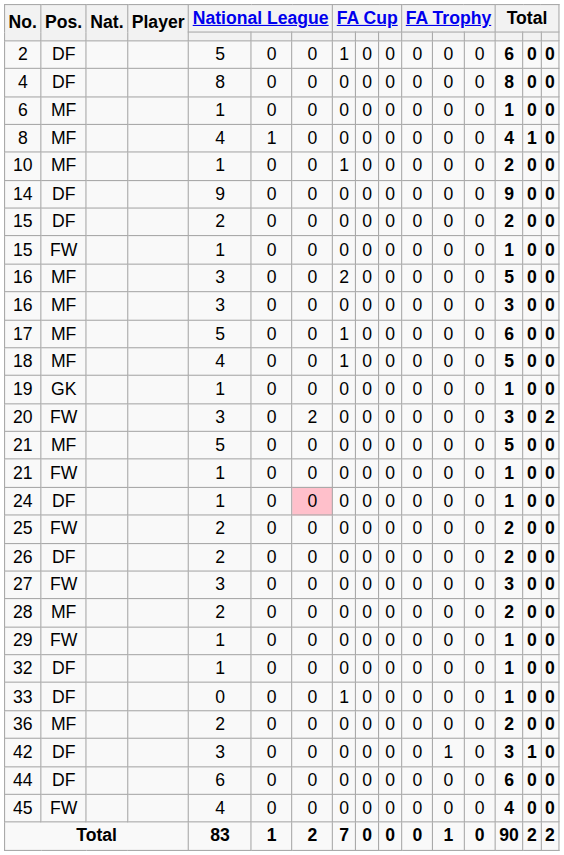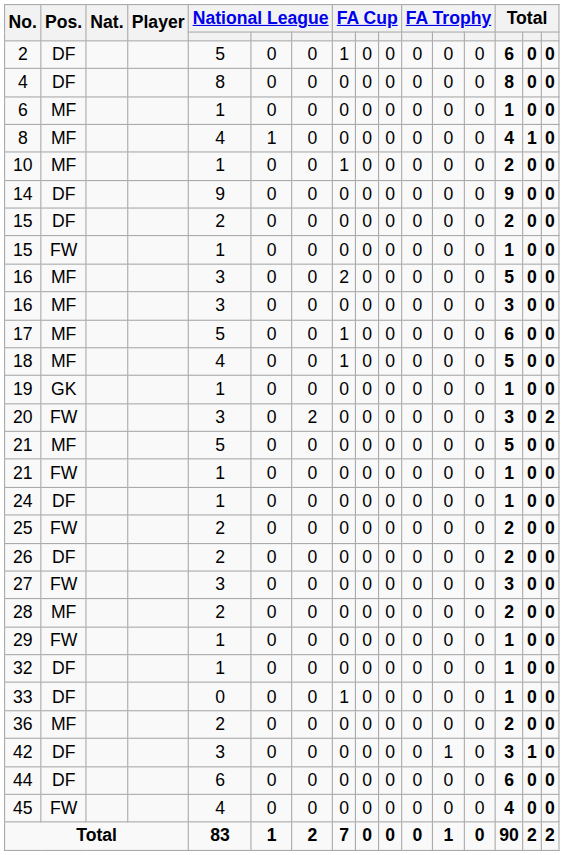 <table class="wikitable sortable" style="text-align:center">
 <tr>
 <th rowspan="2">No.</th>
 <th rowspan="2">Pos.</th>
 <th rowspan="2">Nat.</th>
 <th rowspan="2">Player</th>
 <th colspan="3"><a href='#'>National League</a></th>
 <th colspan="3"><a href='#'>FA Cup</a></th>
 <th colspan="3"><a href='#'>FA Trophy</a></th>
 <th colspan="3">Total</th>
 </tr>
 <tr>
 <th></th>
 <th></th>
 <th></th>
 <th></th>
 <th></th>
 <th></th>
 <th></th>
 <th></th>
 <th></th>
 <th></th>
 <th></th>
 <th></th>
 </tr>
 <tr>
 <td>2</td>
 <td>DF</td>
 <td></td>
 <td align=left></td>
 <td>5</td>
 <td>0</td>
 <td>0</td>
 <td>1</td>
 <td>0</td>
 <td>0</td>
 <td>0</td>
 <td>0</td>
 <td>0</td>
 <td><strong>6</strong></td>
 <td><strong>0</strong></td>
 <td><strong>0</strong></td>
 </tr>
 <tr>
 <td>4</td>
 <td>DF</td>
 <td></td>
 <td align=left></td>
 <td>8</td>
 <td>0</td>
 <td>0</td>
 <td>0</td>
 <td>0</td>
 <td>0</td>
 <td>0</td>
 <td>0</td>
 <td>0</td>
 <td><strong>8</strong></td>
 <td><strong>0</strong></td>
 <td><strong>0</strong></td>
 </tr>
 <tr>
 <td>6</td>
 <td>MF</td>
 <td></td>
 <td align=left></td>
 <td>1</td>
 <td>0</td>
 <td>0</td>
 <td>0</td>
 <td>0</td>
 <td>0</td>
 <td>0</td>
 <td>0</td>
 <td>0</td>
 <td><strong>1</strong></td>
 <td><strong>0</strong></td>
 <td><strong>0</strong></td>
 </tr>
 <tr>
 <td>8</td>
 <td>MF</td>
 <td></td>
 <td align=left></td>
 <td>4</td>
 <td>1</td>
 <td>0</td>
 <td>0</td>
 <td>0</td>
 <td>0</td>
 <td>0</td>
 <td>0</td>
 <td>0</td>
 <td><strong>4</strong></td>
 <td><strong>1</strong></td>
 <td><strong>0</strong></td>
 </tr>
 <tr>
 <td>10</td>
 <td>MF</td>
 <td></td>
 <td align=left></td>
 <td>1</td>
 <td>0</td>
 <td>0</td>
 <td>1</td>
 <td>0</td>
 <td>0</td>
 <td>0</td>
 <td>0</td>
 <td>0</td>
 <td><strong>2</strong></td>
 <td><strong>0</strong></td>
 <td><strong>0</strong></td>
 </tr>
 <tr>
 <td>14</td>
 <td>DF</td>
 <td></td>
 <td align=left></td>
 <td>9</td>
 <td>0</td>
 <td>0</td>
 <td>0</td>
 <td>0</td>
 <td>0</td>
 <td>0</td>
 <td>0</td>
 <td>0</td>
 <td><strong>9</strong></td>
 <td><strong>0</strong></td>
 <td><strong>0</strong></td>
 </tr>
 <tr>
 <td>15</td>
 <td>DF</td>
 <td></td>
 <td align=left></td>
 <td>2</td>
 <td>0</td>
 <td>0</td>
 <td>0</td>
 <td>0</td>
 <td>0</td>
 <td>0</td>
 <td>0</td>
 <td>0</td>
 <td><strong>2</strong></td>
 <td><strong>0</strong></td>
 <td><strong>0</strong></td>
 </tr>
 <tr>
 <td>15</td>
 <td>FW</td>
 <td></td>
 <td align=left></td>
 <td>1</td>
 <td>0</td>
 <td>0</td>
 <td>0</td>
 <td>0</td>
 <td>0</td>
 <td>0</td>
 <td>0</td>
 <td>0</td>
 <td><strong>1</strong></td>
 <td><strong>0</strong></td>
 <td><strong>0</strong></td>
 </tr>
 <tr>
 <td>16</td>
 <td>MF</td>
 <td></td>
 <td align=left></td>
 <td>3</td>
 <td>0</td>
 <td>0</td>
 <td>2</td>
 <td>0</td>
 <td>0</td>
 <td>0</td>
 <td>0</td>
 <td>0</td>
 <td><strong>5</strong></td>
 <td><strong>0</strong></td>
 <td><strong>0</strong></td>
 </tr>
 <tr>
 <td>16</td>
 <td>MF</td>
 <td></td>
 <td align=left></td>
 <td>3</td>
 <td>0</td>
 <td>0</td>
 <td>0</td>
 <td>0</td>
 <td>0</td>
 <td>0</td>
 <td>0</td>
 <td>0</td>
 <td><strong>3</strong></td>
 <td><strong>0</strong></td>
 <td><strong>0</strong></td>
 </tr>
 <tr>
 <td>17</td>
 <td>MF</td>
 <td></td>
 <td align=left></td>
 <td>5</td>
 <td>0</td>
 <td>0</td>
 <td>1</td>
 <td>0</td>
 <td>0</td>
 <td>0</td>
 <td>0</td>
 <td>0</td>
 <td><strong>6</strong></td>
 <td><strong>0</strong></td>
 <td><strong>0</strong></td>
 </tr>
 <tr>
 <td>18</td>
 <td>MF</td>
 <td></td>
 <td align=left></td>
 <td>4</td>
 <td>0</td>
 <td>0</td>
 <td>1</td>
 <td>0</td>
 <td>0</td>
 <td>0</td>
 <td>0</td>
 <td>0</td>
 <td><strong>5</strong></td>
 <td><strong>0</strong></td>
 <td><strong>0</strong></td>
 </tr>
 <tr>
 <td>19</td>
 <td>GK</td>
 <td></td>
 <td align=left></td>
 <td>1</td>
 <td>0</td>
 <td>0</td>
 <td>0</td>
 <td>0</td>
 <td>0</td>
 <td>0</td>
 <td>0</td>
 <td>0</td>
 <td><strong>1</strong></td>
 <td><strong>0</strong></td>
 <td><strong>0</strong></td>
 </tr>
 <tr>
 <td>20</td>
 <td>FW</td>
 <td></td>
 <td align=left></td>
 <td>3</td>
 <td>0</td>
 <td>2</td>
 <td>0</td>
 <td>0</td>
 <td>0</td>
 <td>0</td>
 <td>0</td>
 <td>0</td>
 <td><strong>3</strong></td>
 <td><strong>0</strong></td>
 <td><strong>2</strong></td>
 </tr>
 <tr>
 <td>21</td>
 <td>MF</td>
 <td></td>
 <td align=left></td>
 <td>5</td>
 <td>0</td>
 <td>0</td>
 <td>0</td>
 <td>0</td>
 <td>0</td>
 <td>0</td>
 <td>0</td>
 <td>0</td>
 <td><strong>5</strong></td>
 <td><strong>0</strong></td>
 <td><strong>0</strong></td>
 </tr>
 <tr>
 <td>21</td>
 <td>FW</td>
 <td></td>
 <td align=left></td>
 <td>1</td>
 <td>0</td>
 <td>0</td>
 <td>0</td>
 <td>0</td>
 <td>0</td>
 <td>0</td>
 <td>0</td>
 <td>0</td>
 <td><strong>1</strong></td>
 <td><strong>0</strong></td>
 <td><strong>0</strong></td>
 </tr>
 <tr>
 <td>24</td>
 <td>DF</td>
 <td></td>
 <td align=left></td>
 <td>1</td>
 <td>0</td>
-<td style="background: pink;">0</td>
+<td>0</td>
 <td>0</td>
 <td>0</td>
 <td>0</td>
 <td>0</td>
 <td>0</td>
 <td>0</td>
 <td><strong>1</strong></td>
 <td><strong>0</strong></td>
 <td><strong>0</strong></td>
 </tr>
 <tr>
 <td>25</td>
 <td>FW</td>
 <td></td>
 <td align=left></td>
 <td>2</td>
 <td>0</td>
 <td>0</td>
 <td>0</td>
 <td>0</td>
 <td>0</td>
 <td>0</td>
 <td>0</td>
 <td>0</td>
 <td><strong>2</strong></td>
 <td><strong>0</strong></td>
 <td><strong>0</strong></td>
 </tr>
 <tr>
 <td>26</td>
 <td>DF</td>
 <td></td>
 <td align=left></td>
 <td>2</td>
 <td>0</td>
 <td>0</td>
 <td>0</td>
 <td>0</td>
 <td>0</td>
 <td>0</td>
 <td>0</td>
 <td>0</td>
 <td><strong>2</strong></td>
 <td><strong>0</strong></td>
 <td><strong>0</strong></td>
 </tr>
 <tr>
 <td>27</td>
 <td>FW</td>
 <td></td>
 <td align=left></td>
 <td>3</td>
 <td>0</td>
 <td>0</td>
 <td>0</td>
 <td>0</td>
 <td>0</td>
 <td>0</td>
 <td>0</td>
 <td>0</td>
 <td><strong>3</strong></td>
 <td><strong>0</strong></td>
 <td><strong>0</strong></td>
 </tr>
 <tr>
 <td>28</td>
 <td>MF</td>
 <td></td>
 <td align=left></td>
 <td>2</td>
 <td>0</td>
 <td>0</td>
 <td>0</td>
 <td>0</td>
 <td>0</td>
 <td>0</td>
 <td>0</td>
 <td>0</td>
 <td><strong>2</strong></td>
 <td><strong>0</strong></td>
 <td><strong>0</strong></td>
 </tr>
 <tr>
 <td>29</td>
 <td>FW</td>
 <td></td>
 <td align=left></td>
 <td>1</td>
 <td>0</td>
 <td>0</td>
 <td>0</td>
 <td>0</td>
 <td>0</td>
 <td>0</td>
 <td>0</td>
 <td>0</td>
 <td><strong>1</strong></td>
 <td><strong>0</strong></td>
 <td><strong>0</strong></td>
 </tr>
 <tr>
 <td>32</td>
 <td>DF</td>
 <td></td>
 <td align=left></td>
 <td>1</td>
 <td>0</td>
 <td>0</td>
 <td>0</td>
 <td>0</td>
 <td>0</td>
 <td>0</td>
 <td>0</td>
 <td>0</td>
 <td><strong>1</strong></td>
 <td><strong>0</strong></td>
 <td><strong>0</strong></td>
 </tr>
 <tr>
 <td>33</td>
 <td>DF</td>
 <td></td>
 <td align=left></td>
 <td>0</td>
 <td>0</td>
 <td>0</td>
 <td>1</td>
 <td>0</td>
 <td>0</td>
 <td>0</td>
 <td>0</td>
 <td>0</td>
 <td><strong>1</strong></td>
 <td><strong>0</strong></td>
 <td><strong>0</strong></td>
 </tr>
 <tr>
 <td>36</td>
 <td>MF</td>
 <td></td>
 <td align=left></td>
 <td>2</td>
 <td>0</td>
 <td>0</td>
 <td>0</td>
 <td>0</td>
 <td>0</td>
 <td>0</td>
 <td>0</td>
 <td>0</td>
 <td><strong>2</strong></td>
 <td><strong>0</strong></td>
 <td><strong>0</strong></td>
 </tr>
 <tr>
 <td>42</td>
 <td>DF</td>
 <td></td>
 <td align=left></td>
 <td>3</td>
 <td>0</td>
 <td>0</td>
 <td>0</td>
 <td>0</td>
 <td>0</td>
 <td>0</td>
 <td>1</td>
 <td>0</td>
 <td><strong>3</strong></td>
 <td><strong>1</strong></td>
 <td><strong>0</strong></td>
 </tr>
 <tr>
 <td>44</td>
 <td>DF</td>
 <td></td>
 <td align=left></td>
 <td>6</td>
 <td>0</td>
 <td>0</td>
 <td>0</td>
 <td>0</td>
 <td>0</td>
 <td>0</td>
 <td>0</td>
 <td>0</td>
 <td><strong>6</strong></td>
 <td><strong>0</strong></td>
 <td><strong>0</strong></td>
 </tr>
 <tr>
 <td>45</td>
 <td>FW</td>
 <td></td>
 <td align=left></td>
 <td>4</td>
 <td>0</td>
 <td>0</td>
 <td>0</td>
 <td>0</td>
 <td>0</td>
 <td>0</td>
 <td>0</td>
 <td>0</td>
 <td><strong>4</strong></td>
 <td><strong>0</strong></td>
 <td><strong>0</strong></td>
 </tr>
 <tr class="sortbottom">
 <td colspan=4><strong>Total</strong></td>
 <td><strong>83</strong></td>
 <td><strong>1</strong></td>
 <td><strong>2</strong></td>
 <td><strong>7</strong></td>
 <td><strong>0</strong></td>
 <td><strong>0</strong></td>
 <td><strong>0</strong></td>
 <td><strong>1</strong></td>
 <td><strong>0</strong></td>
 <td><strong>90</strong></td>
 <td><strong>2</strong></td>
 <td><strong>2</strong></td>
 </tr>
 </table>
